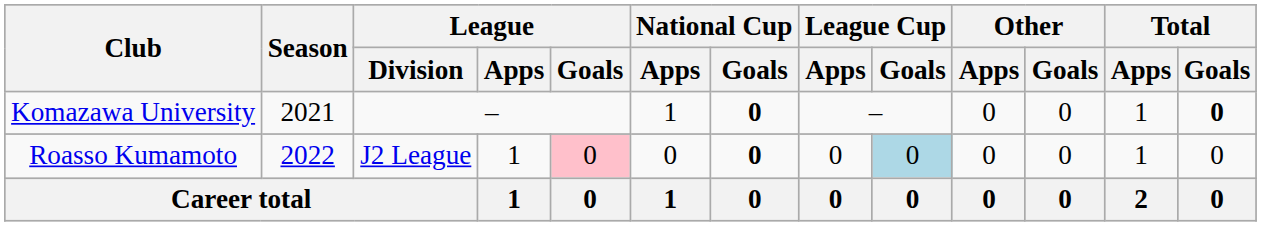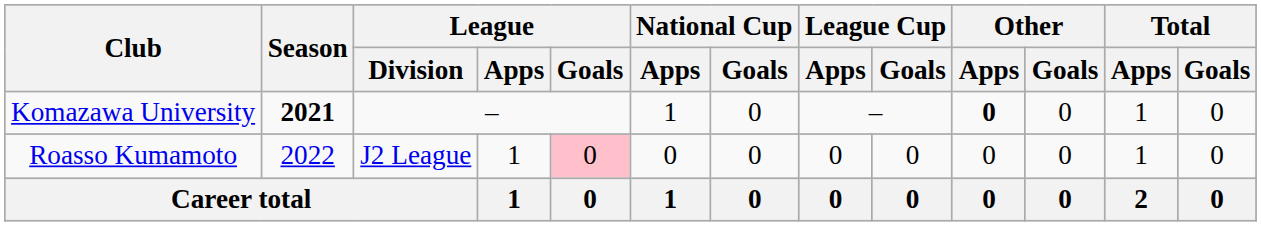 <table class="wikitable" style="text-align: center">
 <tr>
 <th rowspan="2">Club</th>
 <th rowspan="2">Season</th>
 <th colspan="3">League</th>
 <th colspan="2">National Cup</th>
 <th colspan="2">League Cup</th>
 <th colspan="2">Other</th>
 <th colspan="2">Total</th>
 </tr>
 <tr>
 <th>Division</th>
 <th>Apps</th>
 <th>Goals</th>
 <th>Apps</th>
 <th>Goals</th>
 <th>Apps</th>
 <th>Goals</th>
 <th>Apps</th>
 <th>Goals</th>
 <th>Apps</th>
 <th>Goals</th>
 </tr>
 <tr>
 <td><a href='#'>Komazawa University</a></td>
-<td>2021</td>
+<td><strong>2021</strong></td>
 <td colspan="3">–</td>
 <td>1</td>
+<td>0</td>
+<td colspan="2">–</td>
 <td><strong>0</strong></td>
-<td colspan="2">–</td>
-<td>0</td>
 <td>0</td>
 <td>1</td>
-<td><strong>0</strong></td>
+<td>0</td>
 </tr>
 <tr>
 <td><a href='#'>Roasso Kumamoto</a></td>
 <td><a href='#'>2022</a></td>
 <td><a href='#'>J2 League</a></td>
 <td>1</td>
 <td style="background: pink;">0</td>
 <td>0</td>
-<td><strong>0</strong></td>
 <td>0</td>
-<td style="background: lightblue;">0</td>
+<td>0</td>
+<td>0</td>
 <td>0</td>
 <td>0</td>
 <td>1</td>
 <td>0</td>
 </tr>
 <tr>
 <th colspan=3>Career total</th>
 <th>1</th>
 <th>0</th>
 <th>1</th>
 <th>0</th>
 <th>0</th>
 <th>0</th>
 <th>0</th>
 <th>0</th>
 <th>2</th>
 <th>0</th>
 </tr>
 </table>
